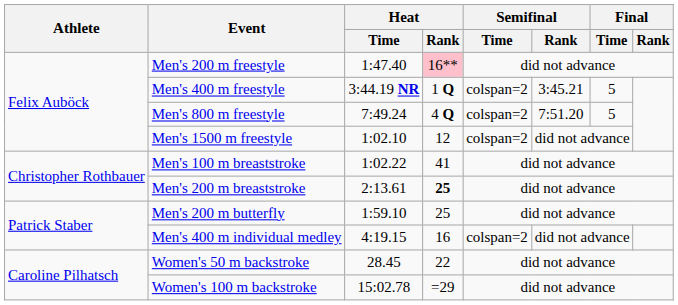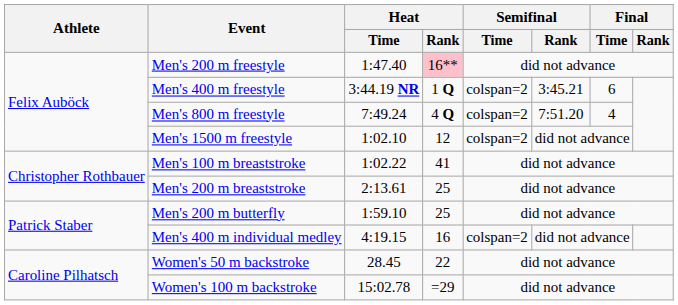 <table class=wikitable style="font-size:90%">
 <tr>
 <th rowspan="2">Athlete</th>
 <th rowspan="2">Event</th>
 <th colspan="2">Heat</th>
 <th colspan="2">Semifinal</th>
 <th colspan="2">Final</th>
 </tr>
 <tr style="font-size:95%">
 <th>Time</th>
 <th>Rank</th>
 <th>Time</th>
 <th>Rank</th>
 <th>Time</th>
 <th>Rank</th>
 </tr>
 <tr align=center>
 <td align=left rowspan=4><a href='#'>Felix Auböck</a></td>
 <td align=left><a href='#'>Men's 200 m freestyle</a></td>
 <td>1:47.40</td>
 <td style="background: pink;">16**</td>
 <td colspan=4>did not advance</td>
 </tr>
 <tr align=center>
 <td align=left><a href='#'>Men's 400 m freestyle</a></td>
 <td>3:44.19 <strong><a href='#'>NR</a></strong></td>
 <td>1 <strong>Q</strong></td>
 <td>colspan=2 </td>
 <td>3:45.21</td>
-<td>5</td>
+<td>6</td>
 </tr>
 <tr align=center>
 <td align=left><a href='#'>Men's 800 m freestyle</a></td>
 <td>7:49.24</td>
 <td>4 <strong>Q</strong></td>
 <td>colspan=2 </td>
 <td>7:51.20</td>
-<td>5</td>
+<td>4</td>
 </tr>
 <tr align=center>
 <td align=left><a href='#'>Men's 1500 m freestyle</a></td>
 <td>1:02.10</td>
 <td>12</td>
 <td>colspan=2 </td>
 <td colspan=2>did not advance</td>
 </tr>
 <tr align=center>
 <td align=left rowspan=2><a href='#'>Christopher Rothbauer</a></td>
 <td align=left><a href='#'>Men's 100 m breaststroke</a></td>
 <td>1:02.22</td>
 <td>41</td>
 <td colspan=4>did not advance</td>
 </tr>
 <tr align=center>
 <td align=left><a href='#'>Men's 200 m breaststroke</a></td>
 <td>2:13.61</td>
-<td><strong>25</strong></td>
+<td>25</td>
 <td colspan=4>did not advance</td>
 </tr>
 <tr align=center>
 <td align=left rowspan=2><a href='#'>Patrick Staber</a></td>
 <td align=left><a href='#'>Men's 200 m butterfly</a></td>
 <td>1:59.10</td>
 <td>25</td>
 <td colspan=4>did not advance</td>
 </tr>
 <tr align=center>
 <td align=left><a href='#'>Men's 400 m individual medley</a></td>
 <td>4:19.15</td>
 <td>16</td>
 <td>colspan=2 </td>
 <td colspan=2>did not advance</td>
 </tr>
 <tr align=center>
 <td align=left rowspan=2><a href='#'>Caroline Pilhatsch</a></td>
 <td align=left><a href='#'>Women's 50 m backstroke</a></td>
 <td>28.45</td>
 <td>22</td>
 <td colspan=4>did not advance</td>
 </tr>
 <tr align=center>
 <td align=left><a href='#'>Women's 100 m backstroke</a></td>
 <td>15:02.78</td>
 <td>=29</td>
 <td colspan=4>did not advance</td>
 </tr>
 </table>
